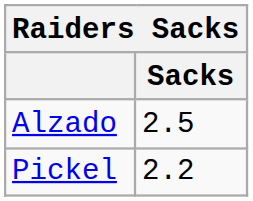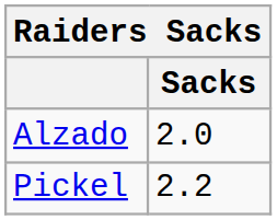 <table class="wikitable">
 <tr>
 <th colspan="2">Raiders Sacks</th>
 </tr>
 <tr>
 <th></th>
 <th>Sacks</th>
 </tr>
 <tr>
 <td><a href='#'>Alzado</a></td>
-<td>2.5</td>
+<td>2.0</td>
 </tr>
 <tr>
 <td><a href='#'>Pickel</a></td>
 <td>2.2</td>
 </tr>
 </table>
